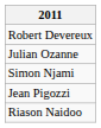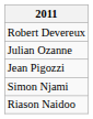 <table class="wikitable">
 <tr>
 <th>2011</th>
 </tr>
 <tr>
 <td>Robert Devereux</td>
 </tr>
 <tr>
 <td>Julian Ozanne</td>
 </tr>
 <tr>
-<td>Simon Njami</td>
+<td>Jean Pigozzi</td>
 </tr>
 <tr>
-<td>Jean Pigozzi</td>
+<td>Simon Njami</td>
 </tr>
 <tr>
 <td>Riason Naidoo</td>
 </tr>
 </table>
